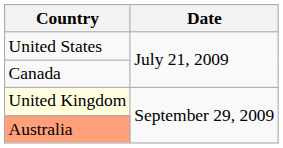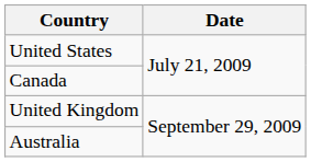 <table class="wikitable">
 <tr>
 <th>Country</th>
 <th>Date</th>
 </tr>
 <tr>
 <td>United States</td>
 <td rowspan="2">July 21, 2009</td>
 </tr>
 <tr>
 <td>Canada</td>
 </tr>
 <tr>
-<td style="background: lightyellow;">United Kingdom</td>
+<td>United Kingdom</td>
 <td rowspan ="2">September 29, 2009</td>
 </tr>
 <tr>
-<td style="background: lightsalmon;">Australia</td>
+<td>Australia</td>
 </tr>
 </table>
